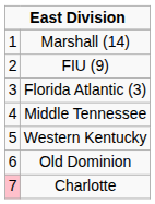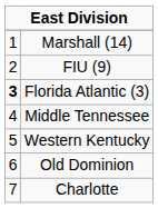 <table class="wikitable" style="display: inline-table;">
 <tr align="center">
 <td align="center" Colspan="2"><strong>East Division</strong></td>
 </tr>
 <tr align="center">
 </tr>
 <tr align="center">
 <td>1</td>
 <td>Marshall (14)</td>
 </tr>
 <tr align="center">
 <td>2</td>
 <td>FIU (9)</td>
 </tr>
 <tr align="center">
-<td>3</td>
+<td><strong>3</strong></td>
 <td>Florida Atlantic (3)</td>
 </tr>
 <tr align="center">
 <td>4</td>
 <td>Middle Tennessee</td>
 </tr>
 <tr align="center">
 <td>5</td>
 <td>Western Kentucky</td>
 </tr>
 <tr align="center">
 <td>6</td>
 <td>Old Dominion</td>
 </tr>
 <tr align="center">
-<td style="background: pink;">7</td>
+<td>7</td>
 <td>Charlotte</td>
 </tr>
 </table>
